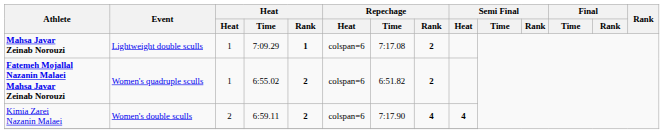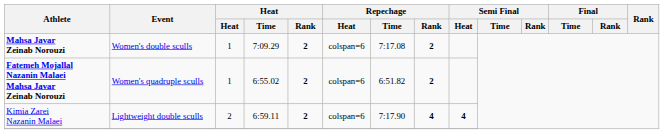 <table class="wikitable" width="85%" style="text-align:center; font-size:90%">
 <tr>
 <th rowspan="2" width="12%">Athlete</th>
 <th rowspan="2" width="12%">Event</th>
 <th colspan="3" width="12%">Heat</th>
 <th colspan="3" width="12%">Repechage</th>
 <th colspan="3" width="9%">Semi Final</th>
 <th colspan="2" width="9%">Final</th>
 <th rowspan="2" width="3%">Rank</th>
 </tr>
 <tr>
 <th width="3%">Heat</th>
 <th width="5%">Time</th>
 <th>Rank</th>
 <th width="3%">Heat</th>
 <th width="5%">Time</th>
 <th>Rank</th>
 <th width="3%">Heat</th>
 <th width="5%">Time</th>
 <th>Rank</th>
 <th width="5%">Time</th>
 <th>Rank</th>
 </tr>
 <tr>
 <td align=left><strong><a href='#'>Mahsa Javar</a></strong><br><strong>Zeinab Norouzi</strong></td>
-<td align=left><a href='#'>Lightweight double sculls</a></td>
+<td align=left><a href='#'>Women's double sculls</a></td>
 <td>1</td>
 <td>7:09.29</td>
-<td><strong>1</strong> <strong></strong></td>
+<td><strong>2</strong> <strong></strong></td>
 <td>colspan=6 </td>
 <td>7:17.08</td>
 <td><strong>2</strong></td>
 <td></td>
 </tr>
 <tr>
 <td align=left><strong><a href='#'>Fatemeh Mojallal</a><br><a href='#'>Nazanin Malaei</a><br><a href='#'>Mahsa Javar</a><br>Zeinab Norouzi</strong></td>
 <td align=left><a href='#'>Women's quadruple sculls</a></td>
 <td>1</td>
 <td>6:55.02</td>
 <td><strong>2</strong> <strong></strong></td>
 <td>colspan=6 </td>
 <td>6:51.82</td>
 <td><strong>2</strong></td>
 <td></td>
 </tr>
 <tr>
 <td align=left><a href='#'>Kimia Zarei</a><br><a href='#'>Nazanin Malaei</a></td>
-<td align=left><a href='#'>Women's double sculls</a></td>
+<td align=left><a href='#'>Lightweight double sculls</a></td>
 <td>2</td>
 <td>6:59.11</td>
 <td><strong>2</strong> <strong></strong></td>
 <td>colspan=6 </td>
 <td>7:17.90</td>
 <td><strong>4</strong></td>
 <td><strong>4</strong></td>
 </tr>
 <tr>
 </tr>
 </table>
